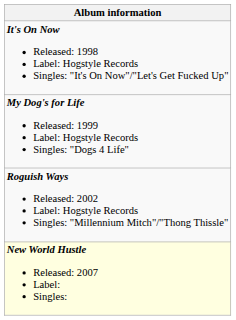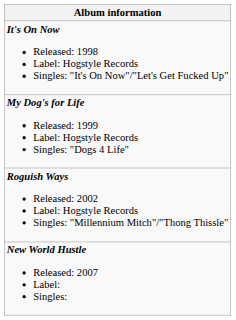 <table class="wikitable">
 <tr>
 <th align="left">Album information</th>
 </tr>
 <tr>
 <td><strong><em>It's On Now</em></strong><br><ul><li>Released: 1998</li><li>Label: Hogstyle Records</li><li>Singles: "It's On Now"/"Let's Get Fucked Up"</li></ul></td>
 </tr>
 <tr>
 <td><strong><em>My Dog's for Life</em></strong><br><ul><li>Released: 1999</li><li>Label: Hogstyle Records</li><li>Singles: "Dogs 4 Life"</li></ul></td>
 </tr>
 <tr>
 <td><strong><em>Roguish Ways</em></strong><br><ul><li>Released: 2002</li><li>Label: Hogstyle Records</li><li>Singles: "Millennium Mitch"/"Thong Thissle"</li></ul></td>
 </tr>
 <tr>
-<td style="background: lightyellow;"><strong><em>New World Hustle</em></strong><br><ul><li>Released: 2007</li><li>Label:</li><li>Singles:</li></ul></td>
+<td><strong><em>New World Hustle</em></strong><br><ul><li>Released: 2007</li><li>Label:</li><li>Singles:</li></ul></td>
 </tr>
 </table>
